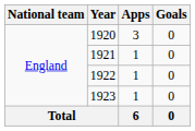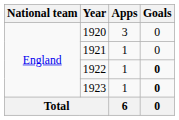 <table class="wikitable" style="text-align: center;">
 <tr>
 <th>National team</th>
 <th>Year</th>
 <th>Apps</th>
 <th>Goals</th>
 </tr>
 <tr>
 <td rowspan="4"><a href='#'>England</a></td>
 <td>1920</td>
 <td>3</td>
 <td>0</td>
 </tr>
 <tr>
 <td>1921</td>
 <td>1</td>
 <td>0</td>
 </tr>
 <tr>
 <td>1922</td>
 <td>1</td>
-<td>0</td>
+<td><strong>0</strong></td>
 </tr>
 <tr>
 <td>1923</td>
 <td>1</td>
-<td>0</td>
+<td><strong>0</strong></td>
 </tr>
 <tr>
 <th colspan="2">Total</th>
 <th>6</th>
 <th>0</th>
 </tr>
 </table>
